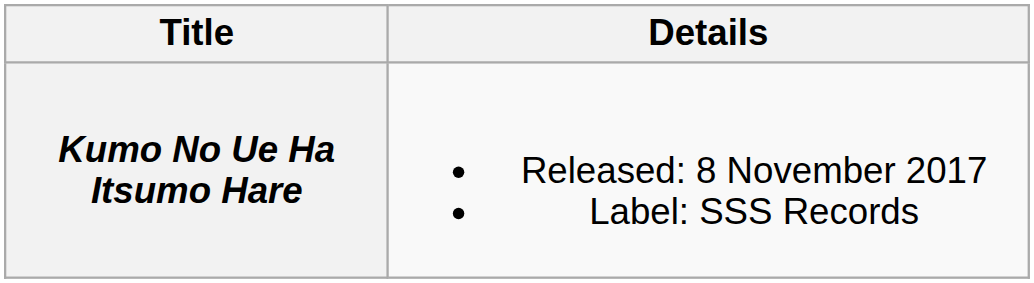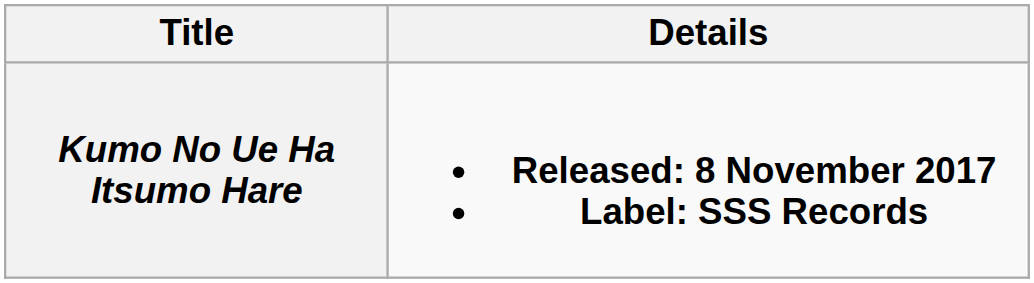 <table class="wikitable plainrowheaders" style="text-align:center;" border="1">
 <tr>
 <th scope="col" rowspan="1" style="width:10em;">Title</th>
 <th scope="col" rowspan="1" style="width:17em;">Details</th>
 </tr>
 <tr>
 <th scope="row"><em>Kumo No Ue Ha Itsumo Hare</em></th>
-<td><br><ul><li>Released: 8 November 2017</li><li>Label: SSS Records</li></ul></td>
+<td><strong><br><ul><li>Released: 8 November 2017</li><li>Label: SSS Records</li></ul></strong></td>
 </tr>
 </table>
